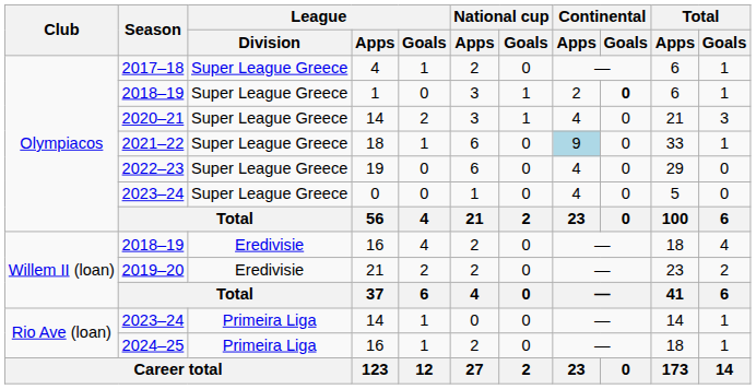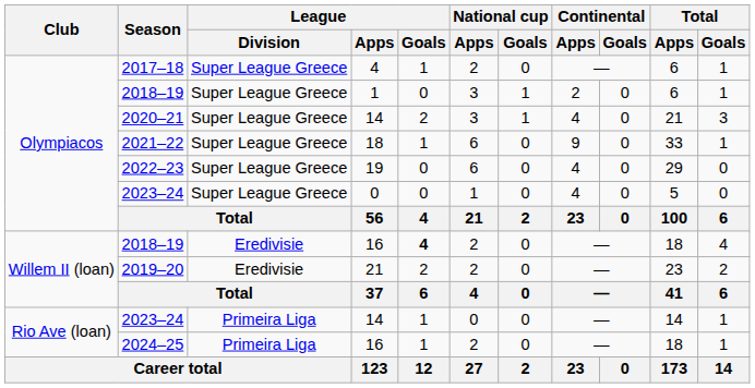 <table class="wikitable" style="text-align:center">
 <tr>
 <th rowspan=2>Club</th>
 <th rowspan=2>Season</th>
 <th colspan=3>League</th>
 <th colspan=2>National cup</th>
 <th colspan=2>Continental</th>
 <th colspan=2>Total</th>
 </tr>
 <tr>
 <th>Division</th>
 <th>Apps</th>
 <th>Goals</th>
 <th>Apps</th>
 <th>Goals</th>
 <th>Apps</th>
 <th>Goals</th>
 <th>Apps</th>
 <th>Goals</th>
 </tr>
 <tr>
 <td rowspan="7"><a href='#'>Olympiacos</a></td>
 <td><a href='#'>2017–18</a></td>
 <td><a href='#'>Super League Greece</a></td>
 <td>4</td>
 <td>1</td>
 <td>2</td>
 <td>0</td>
 <td colspan="2">—</td>
 <td>6</td>
 <td>1</td>
 </tr>
 <tr>
 <td><a href='#'>2018–19</a></td>
 <td>Super League Greece</td>
 <td>1</td>
 <td>0</td>
 <td>3</td>
 <td>1</td>
 <td>2</td>
-<td><strong>0</strong></td>
+<td>0</td>
 <td>6</td>
 <td>1</td>
 </tr>
 <tr>
 <td><a href='#'>2020–21</a></td>
 <td>Super League Greece</td>
 <td>14</td>
 <td>2</td>
 <td>3</td>
 <td>1</td>
 <td>4</td>
 <td>0</td>
 <td>21</td>
 <td>3</td>
 </tr>
 <tr>
 <td><a href='#'>2021–22</a></td>
 <td>Super League Greece</td>
 <td>18</td>
 <td>1</td>
 <td>6</td>
 <td>0</td>
-<td style="background: lightblue;">9</td>
+<td>9</td>
 <td>0</td>
 <td>33</td>
 <td>1</td>
 </tr>
 <tr>
 <td><a href='#'>2022–23</a></td>
 <td>Super League Greece</td>
 <td>19</td>
 <td>0</td>
 <td>6</td>
 <td>0</td>
 <td>4</td>
 <td>0</td>
 <td>29</td>
 <td>0</td>
 </tr>
 <tr>
 <td><a href='#'>2023–24</a></td>
 <td>Super League Greece</td>
 <td>0</td>
 <td>0</td>
 <td>1</td>
 <td>0</td>
 <td>4</td>
 <td>0</td>
 <td>5</td>
 <td>0</td>
 </tr>
 <tr>
 <th colspan="2">Total</th>
 <th>56</th>
 <th>4</th>
 <th>21</th>
 <th>2</th>
 <th>23</th>
 <th>0</th>
 <th>100</th>
 <th>6</th>
 </tr>
 <tr>
 <td rowspan="3"><a href='#'>Willem II</a> (loan)</td>
 <td><a href='#'>2018–19</a></td>
 <td><a href='#'>Eredivisie</a></td>
 <td>16</td>
-<td>4</td>
+<td><strong>4</strong></td>
 <td>2</td>
 <td>0</td>
 <td colspan="2">—</td>
 <td>18</td>
 <td>4</td>
 </tr>
 <tr>
 <td><a href='#'>2019–20</a></td>
 <td>Eredivisie</td>
 <td>21</td>
 <td>2</td>
 <td>2</td>
 <td>0</td>
 <td colspan="2">—</td>
 <td>23</td>
 <td>2</td>
 </tr>
 <tr>
 <th colspan="2">Total</th>
 <th>37</th>
 <th>6</th>
 <th>4</th>
 <th>0</th>
 <th colspan="2">—</th>
 <th>41</th>
 <th>6</th>
 </tr>
 <tr>
 <td rowspan="2"><a href='#'>Rio Ave</a> (loan)</td>
 <td><a href='#'>2023–24</a></td>
 <td><a href='#'>Primeira Liga</a></td>
 <td>14</td>
 <td>1</td>
 <td>0</td>
 <td>0</td>
 <td colspan="2">—</td>
 <td>14</td>
 <td>1</td>
 </tr>
 <tr>
 <td><a href='#'>2024–25</a></td>
 <td><a href='#'>Primeira Liga</a></td>
 <td>16</td>
 <td>1</td>
 <td>2</td>
 <td>0</td>
 <td colspan="2">—</td>
 <td>18</td>
 <td>1</td>
 </tr>
 <tr>
 <th colspan="3">Career total</th>
 <th>123</th>
 <th>12</th>
 <th>27</th>
 <th>2</th>
 <th>23</th>
 <th>0</th>
 <th>173</th>
 <th>14</th>
 </tr>
 </table>
